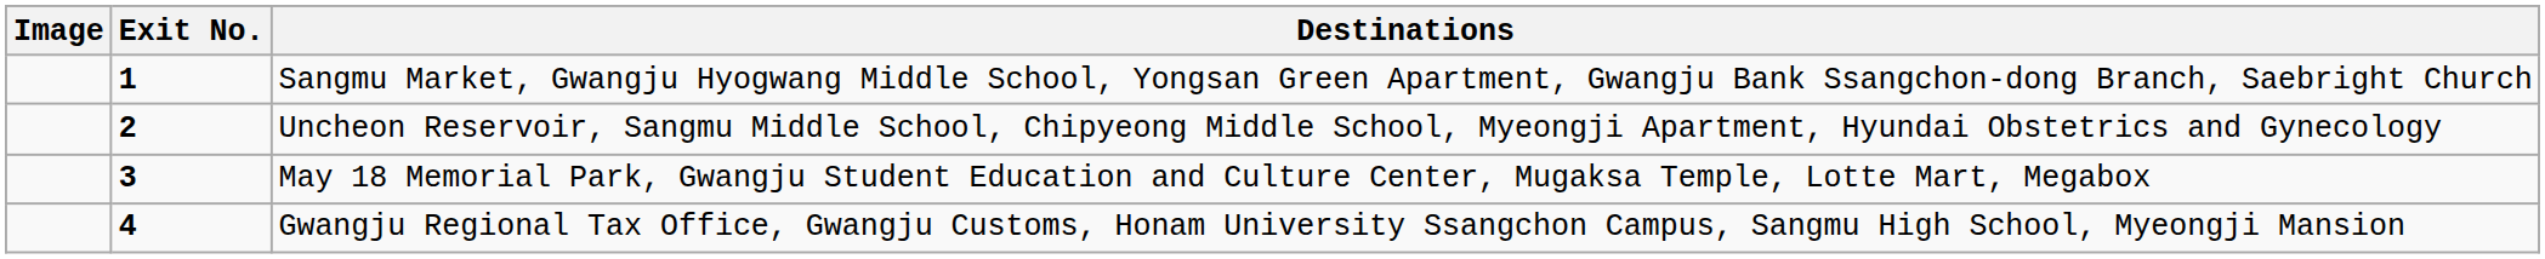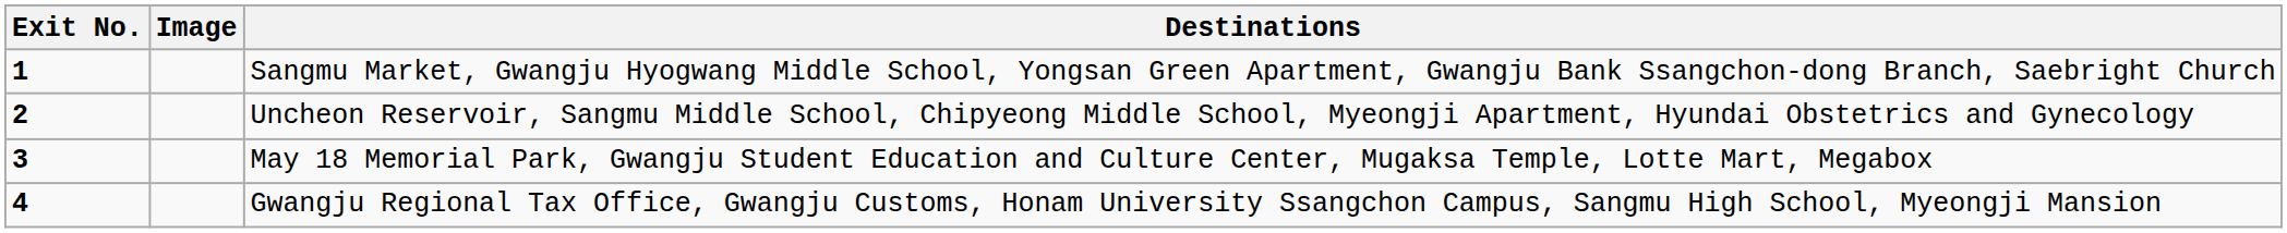 <table class="wikitable">
 <tr>
+<th>Exit No.</th>
 <th>Image</th>
-<th>Exit No.</th>
 <th>Destinations</th>
 </tr>
 <tr>
+<td><strong>1</strong></td>
 <td></td>
-<td><strong>1</strong></td>
 <td>Sangmu Market, Gwangju Hyogwang Middle School, Yongsan Green Apartment, Gwangju Bank Ssangchon-dong Branch, Saebright Church</td>
 </tr>
 <tr>
+<td><strong>2</strong></td>
 <td></td>
-<td><strong>2</strong></td>
 <td>Uncheon Reservoir, Sangmu Middle School, Chipyeong Middle School, Myeongji Apartment, Hyundai Obstetrics and Gynecology</td>
 </tr>
 <tr>
+<td><strong>3</strong></td>
 <td></td>
-<td><strong>3</strong></td>
 <td>May 18 Memorial Park, Gwangju Student Education and Culture Center, Mugaksa Temple, Lotte Mart, Megabox</td>
 </tr>
 <tr>
+<td><strong>4</strong></td>
 <td></td>
-<td><strong>4</strong></td>
 <td>Gwangju Regional Tax Office, Gwangju Customs, Honam University Ssangchon Campus, Sangmu High School, Myeongji Mansion</td>
 </tr>
 </table>
